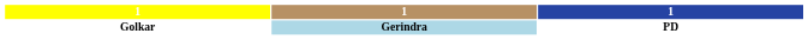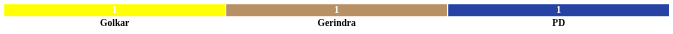 <table style="width:88%; text-align:center;">
 <tr style="color:white;">
 <td style="background:#FFFF00; width:33%;"><strong>1</strong></td>
 <td style="background:#B79164; width:33%;"><strong>1</strong></td>
 <td style="background:#2643A3; width:33%;"><strong>1</strong></td>
 </tr>
 <tr>
 <td><span><strong>Golkar</strong></span></td>
-<td style="background: lightblue;"><span><strong>Gerindra</strong></span></td>
+<td><span><strong>Gerindra</strong></span></td>
 <td><span><strong>PD</strong></span></td>
 </tr>
 </table>
